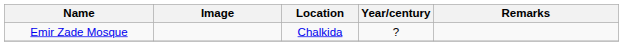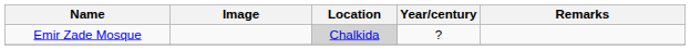 <table class="wikitable sortable" style="text-align:center">
 <tr>
 <th align=left width=200px>Name</th>
 <th align=center width=170px class=unsortable>Image</th>
 <th align=left width=100px>Location</th>
 <th align=left width=050px>Year/century</th>
 <th align=left width=250px class=unsortable>Remarks</th>
 </tr>
 <tr>
 <td><a href='#'>Emir Zade Mosque</a></td>
 <td></td>
-<td><a href='#'>Chalkida</a></td>
+<td style="background: lightgrey;"><a href='#'>Chalkida</a></td>
 <td>?</td>
 <td></td>
 </tr>
 <tr>
 </tr>
 </table>
